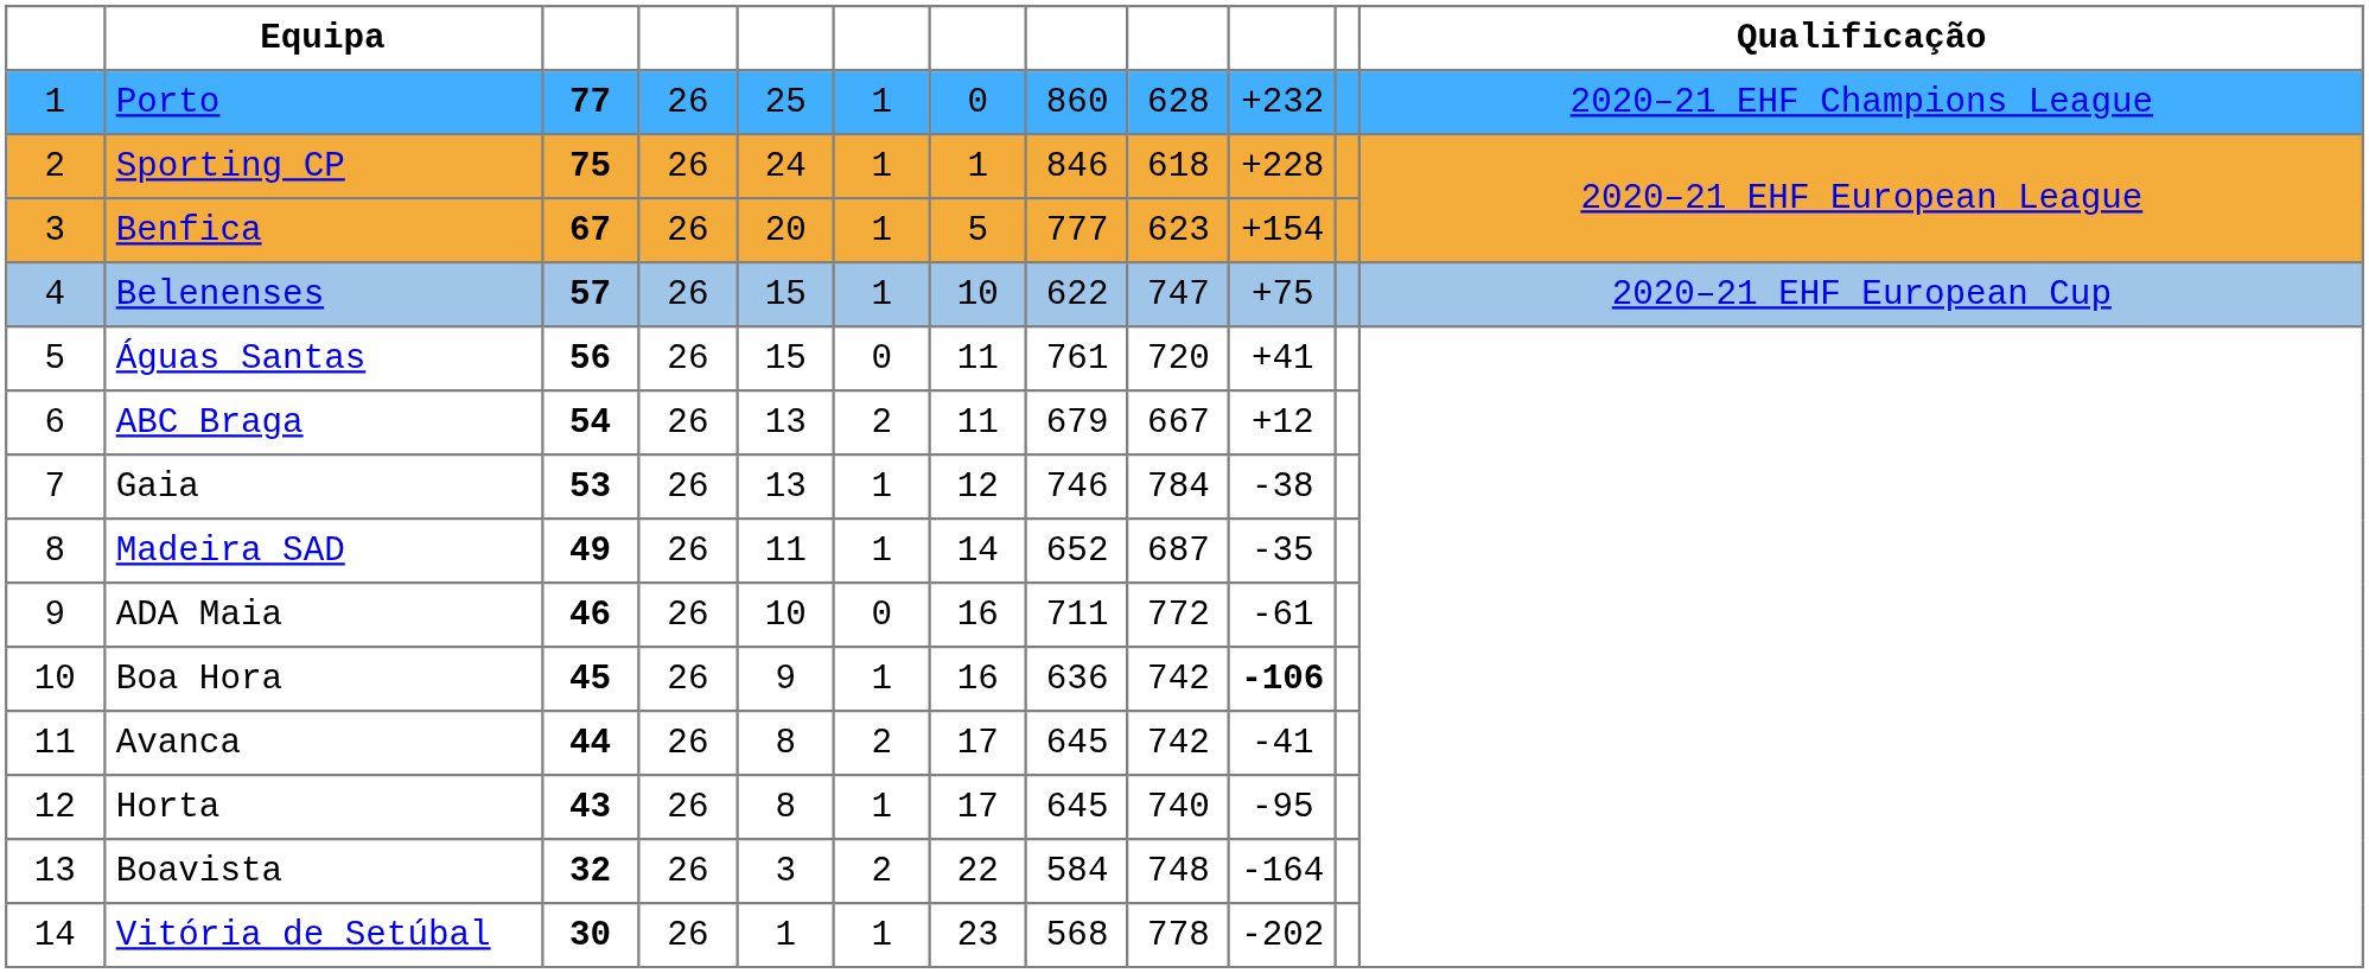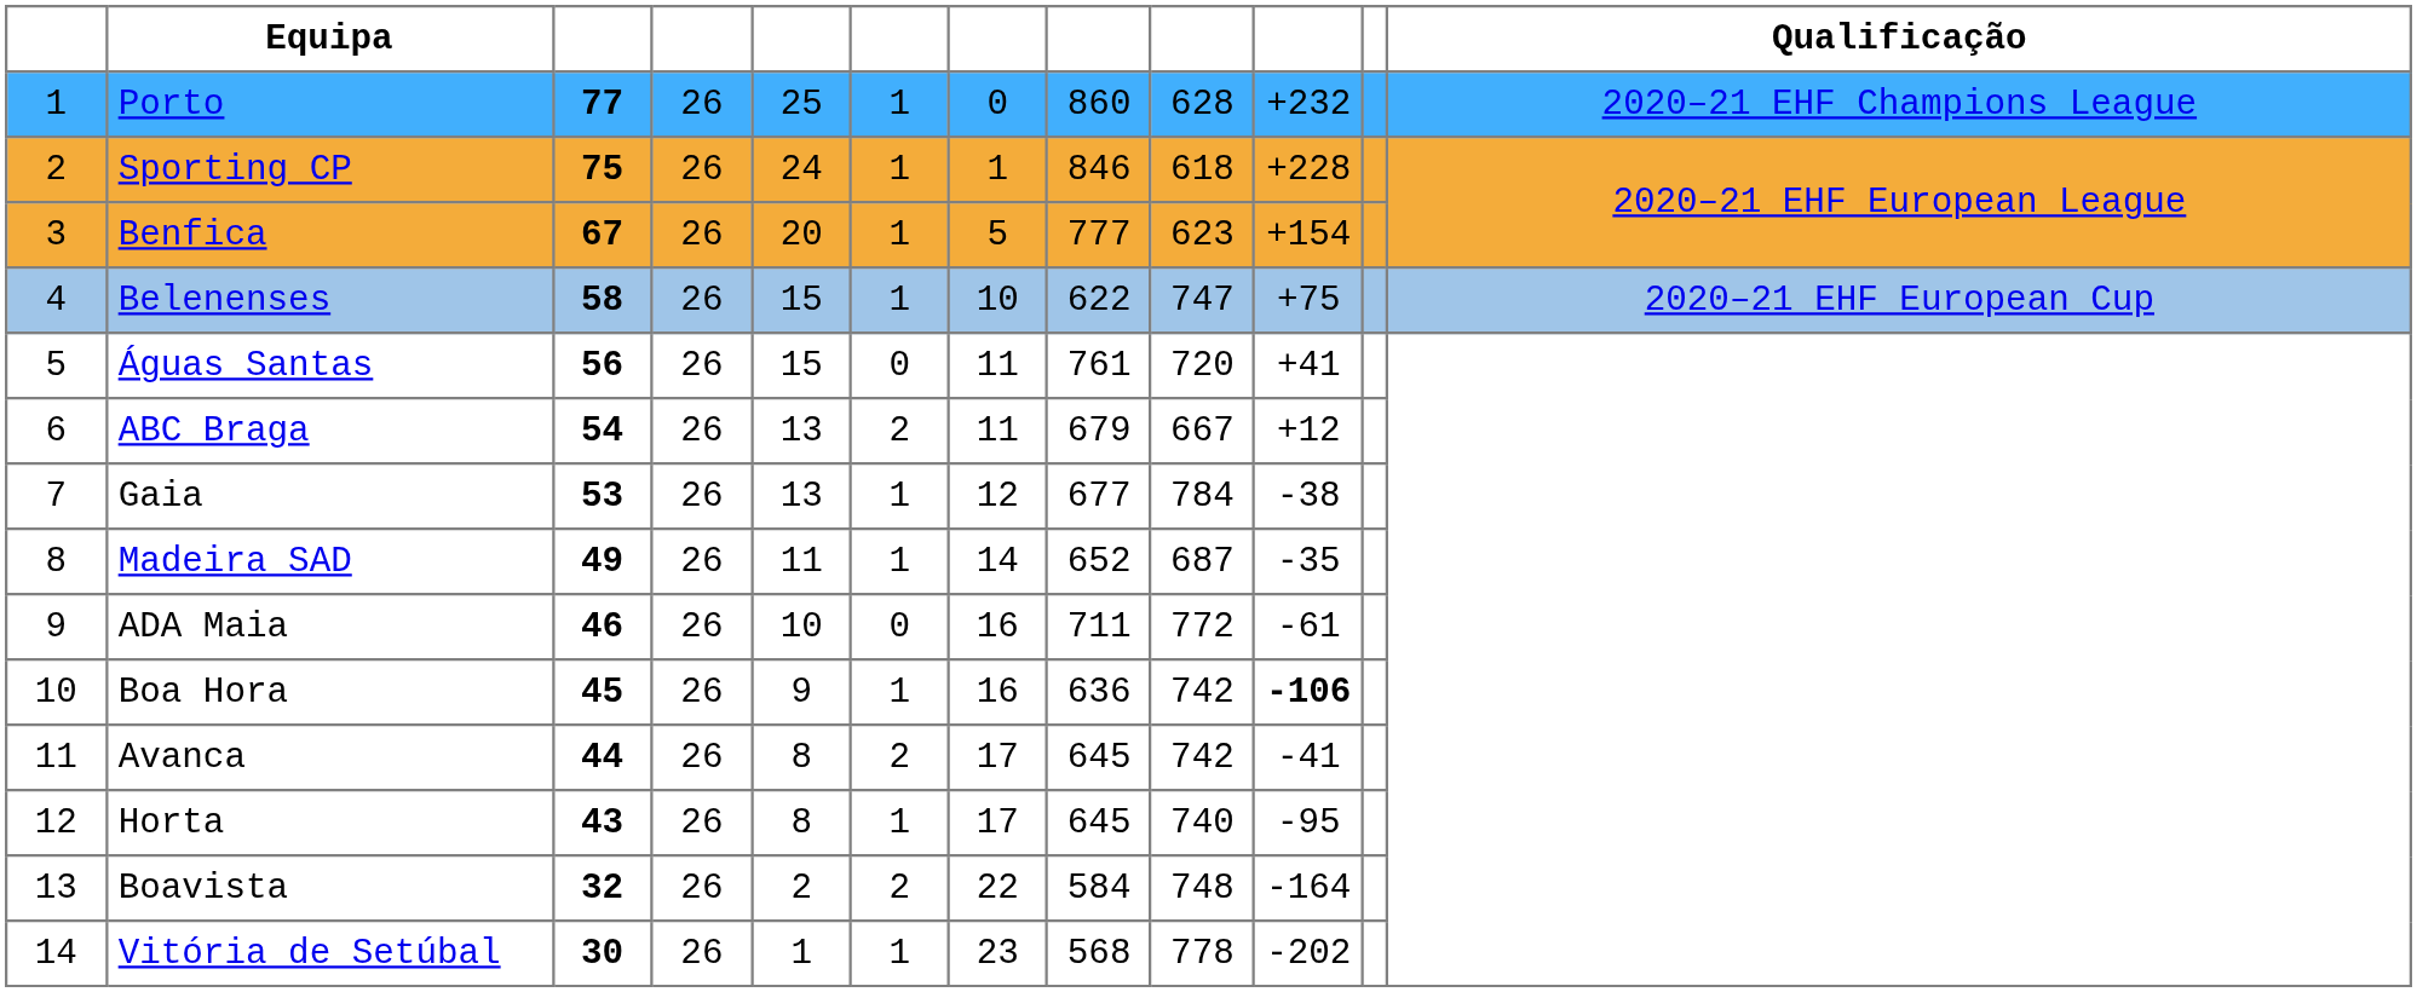 <table class="toccolours" cellspacing="0" cellpadding="4" border="1" style="border-collapse: collapse; margin:0; bgcolor:gray2;">
 <tr>
 <th width="30"></th>
 <th width="170">Equipa</th>
 <th width="30"></th>
 <th width="30"></th>
 <th width="30"></th>
 <th width="30"></th>
 <th width="30"></th>
 <th width="30"></th>
 <th width="30"></th>
 <th width="30"></th>
 <th></th>
 <th width="420">Qualificação</th>
 </tr>
 <tr bgcolor="#41affd" align="center">
 <td>1</td>
 <td align="left"><a href='#'>Porto</a></td>
 <td><strong>77</strong></td>
 <td>26</td>
 <td>25</td>
 <td>1</td>
 <td>0</td>
 <td>860</td>
 <td>628</td>
 <td>+232</td>
 <td></td>
 <td><a href='#'>2020–21 EHF Champions League</a></td>
 </tr>
 <tr align="center" bgcolor="#f4ac3a">
 <td>2</td>
 <td align="left"><a href='#'>Sporting CP</a></td>
 <td><strong>75</strong></td>
 <td>26</td>
 <td>24</td>
 <td>1</td>
 <td>1</td>
 <td>846</td>
 <td>618</td>
 <td>+228</td>
 <td></td>
 <td rowspan="2"><a href='#'>2020–21 EHF European League</a></td>
 </tr>
 <tr align="center" bgcolor="#f4ac3a">
 <td>3</td>
 <td align="left"><a href='#'>Benfica</a></td>
 <td><strong>67</strong></td>
 <td>26</td>
 <td>20</td>
 <td>1</td>
 <td>5</td>
 <td>777</td>
 <td>623</td>
 <td>+154</td>
 <td></td>
 </tr>
 <tr align="center" bgcolor="#9fc5e8">
 <td>4</td>
 <td align="left"><a href='#'>Belenenses</a></td>
-<td><strong>57</strong></td>
+<td><strong>58</strong></td>
 <td>26</td>
 <td>15</td>
 <td>1</td>
 <td>10</td>
 <td>622</td>
 <td>747</td>
 <td>+75</td>
 <td></td>
 <td><a href='#'>2020–21 EHF European Cup</a></td>
 </tr>
 <tr align="center">
 <td>5</td>
 <td align="left"><a href='#'>Águas Santas</a></td>
 <td><strong>56</strong></td>
 <td>26</td>
 <td>15</td>
 <td>0</td>
 <td>11</td>
 <td>761</td>
 <td>720</td>
 <td>+41</td>
 <td></td>
 </tr>
 <tr align="center">
 <td>6</td>
 <td align="left"><a href='#'>ABC Braga</a></td>
 <td><strong>54</strong></td>
 <td>26</td>
 <td>13</td>
 <td>2</td>
 <td>11</td>
 <td>679</td>
 <td>667</td>
 <td>+12</td>
 <td></td>
 </tr>
 <tr align="center">
 <td>7</td>
 <td align="left">Gaia</td>
 <td><strong>53</strong></td>
 <td>26</td>
 <td>13</td>
 <td>1</td>
 <td>12</td>
-<td>746</td>
+<td>677</td>
 <td>784</td>
 <td>-38</td>
 <td></td>
 </tr>
 <tr align="center">
 <td>8</td>
 <td align="left"><a href='#'>Madeira SAD</a></td>
 <td><strong>49</strong></td>
 <td>26</td>
 <td>11</td>
 <td>1</td>
 <td>14</td>
 <td>652</td>
 <td>687</td>
 <td>-35</td>
 <td></td>
 </tr>
 <tr align="center">
 <td>9</td>
 <td align="left">ADA Maia</td>
 <td><strong>46</strong></td>
 <td>26</td>
 <td>10</td>
 <td>0</td>
 <td>16</td>
 <td>711</td>
 <td>772</td>
 <td>-61</td>
 <td></td>
 </tr>
 <tr align="center">
 <td>10</td>
 <td align="left">Boa Hora</td>
 <td><strong>45</strong></td>
 <td>26</td>
 <td>9</td>
 <td>1</td>
 <td>16</td>
 <td>636</td>
 <td>742</td>
 <td><strong>-106</strong></td>
 <td></td>
 </tr>
 <tr align="center">
 <td>11</td>
 <td align="left">Avanca</td>
 <td><strong>44</strong></td>
 <td>26</td>
 <td>8</td>
 <td>2</td>
 <td>17</td>
 <td>645</td>
 <td>742</td>
 <td>-41</td>
 <td></td>
 </tr>
 <tr align="center">
 <td>12</td>
 <td align="left">Horta</td>
 <td><strong>43</strong></td>
 <td>26</td>
 <td>8</td>
 <td>1</td>
 <td>17</td>
 <td>645</td>
 <td>740</td>
 <td>-95</td>
 <td></td>
 </tr>
 <tr align="center">
 <td>13</td>
 <td align="left">Boavista</td>
 <td><strong>32</strong></td>
 <td>26</td>
-<td>3</td>
+<td>2</td>
 <td>2</td>
 <td>22</td>
 <td>584</td>
 <td>748</td>
 <td>-164</td>
 <td></td>
 </tr>
 <tr align="center">
 <td>14</td>
 <td align="left"><a href='#'>Vitória de Setúbal</a></td>
 <td><strong>30</strong></td>
 <td>26</td>
 <td>1</td>
 <td>1</td>
 <td>23</td>
 <td>568</td>
 <td>778</td>
 <td>-202</td>
 <td></td>
 </tr>
 </table>
